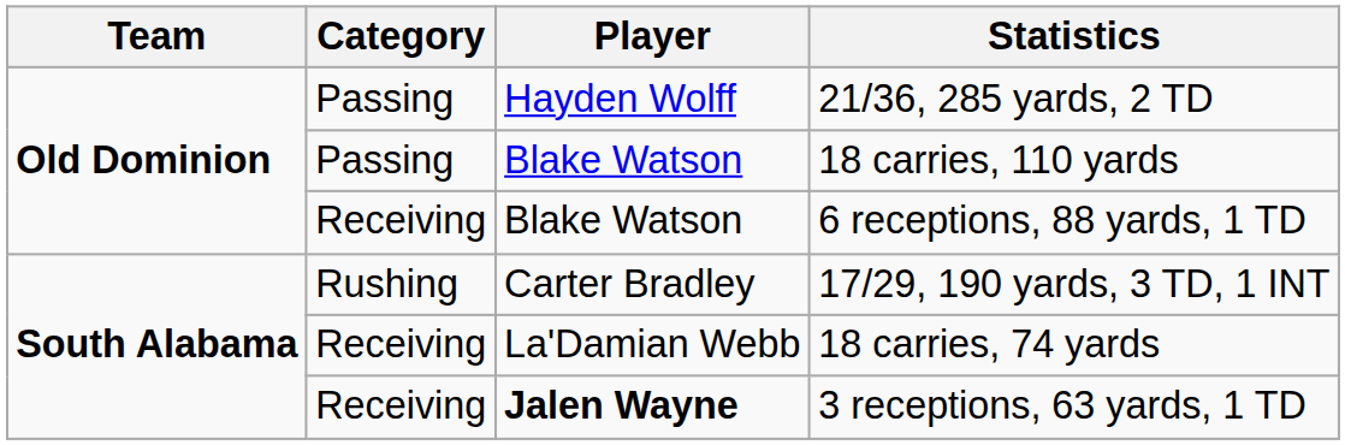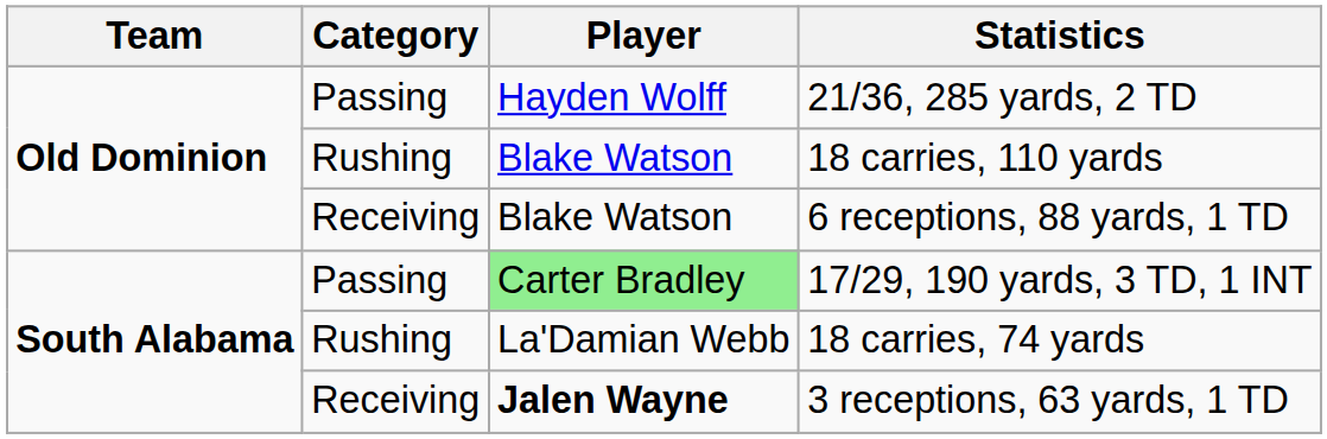 <table class="wikitable" style="float: right;">
 <tr>
 <th>Team</th>
 <th>Category</th>
 <th>Player</th>
 <th>Statistics</th>
 </tr>
 <tr>
 <td rowspan=3><strong>Old Dominion</strong></td>
 <td>Passing</td>
 <td><a href='#'>Hayden Wolff</a></td>
 <td>21/36, 285 yards, 2 TD</td>
 </tr>
 <tr>
-<td>Passing</td>
+<td>Rushing</td>
 <td><a href='#'>Blake Watson</a></td>
 <td>18 carries, 110 yards</td>
 </tr>
 <tr>
 <td>Receiving</td>
 <td>Blake Watson</td>
 <td>6 receptions, 88 yards, 1 TD</td>
 </tr>
 <tr>
 <td rowspan=3><strong>South Alabama</strong></td>
-<td>Rushing</td>
-<td>Carter Bradley</td>
+<td>Passing</td>
+<td style="background: lightgreen;">Carter Bradley</td>
 <td>17/29, 190 yards, 3 TD, 1 INT</td>
 </tr>
 <tr>
-<td>Receiving</td>
+<td>Rushing</td>
 <td>La'Damian Webb</td>
 <td>18 carries, 74 yards</td>
 </tr>
 <tr>
 <td>Receiving</td>
 <td><strong>Jalen Wayne</strong></td>
 <td>3 receptions, 63 yards, 1 TD</td>
 </tr>
 </table>
